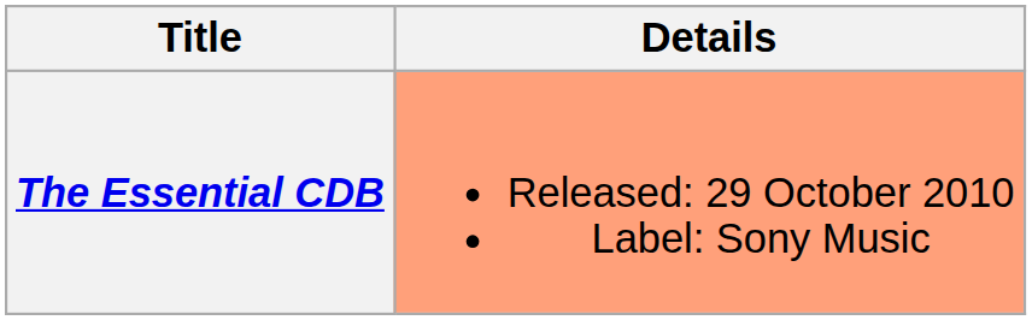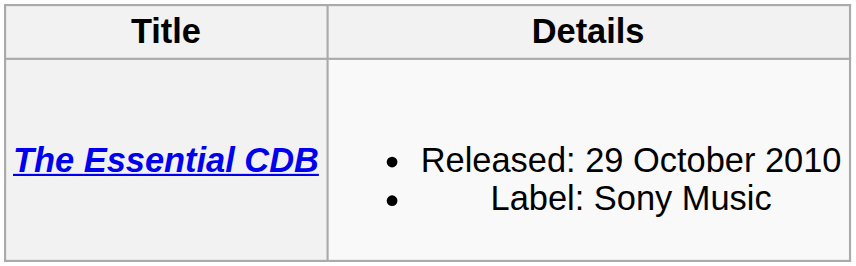 <table class="wikitable plainrowheaders" style="text-align:center;" border="1">
 <tr>
 <th>Title</th>
 <th>Details</th>
 </tr>
 <tr>
 <th scope="row"><em><a href='#'>The Essential CDB</a></em></th>
-<td style="background: lightsalmon;"><br><ul><li>Released: 29 October 2010</li><li>Label: Sony Music</li></ul></td>
+<td><br><ul><li>Released: 29 October 2010</li><li>Label: Sony Music</li></ul></td>
 </tr>
 </table>
